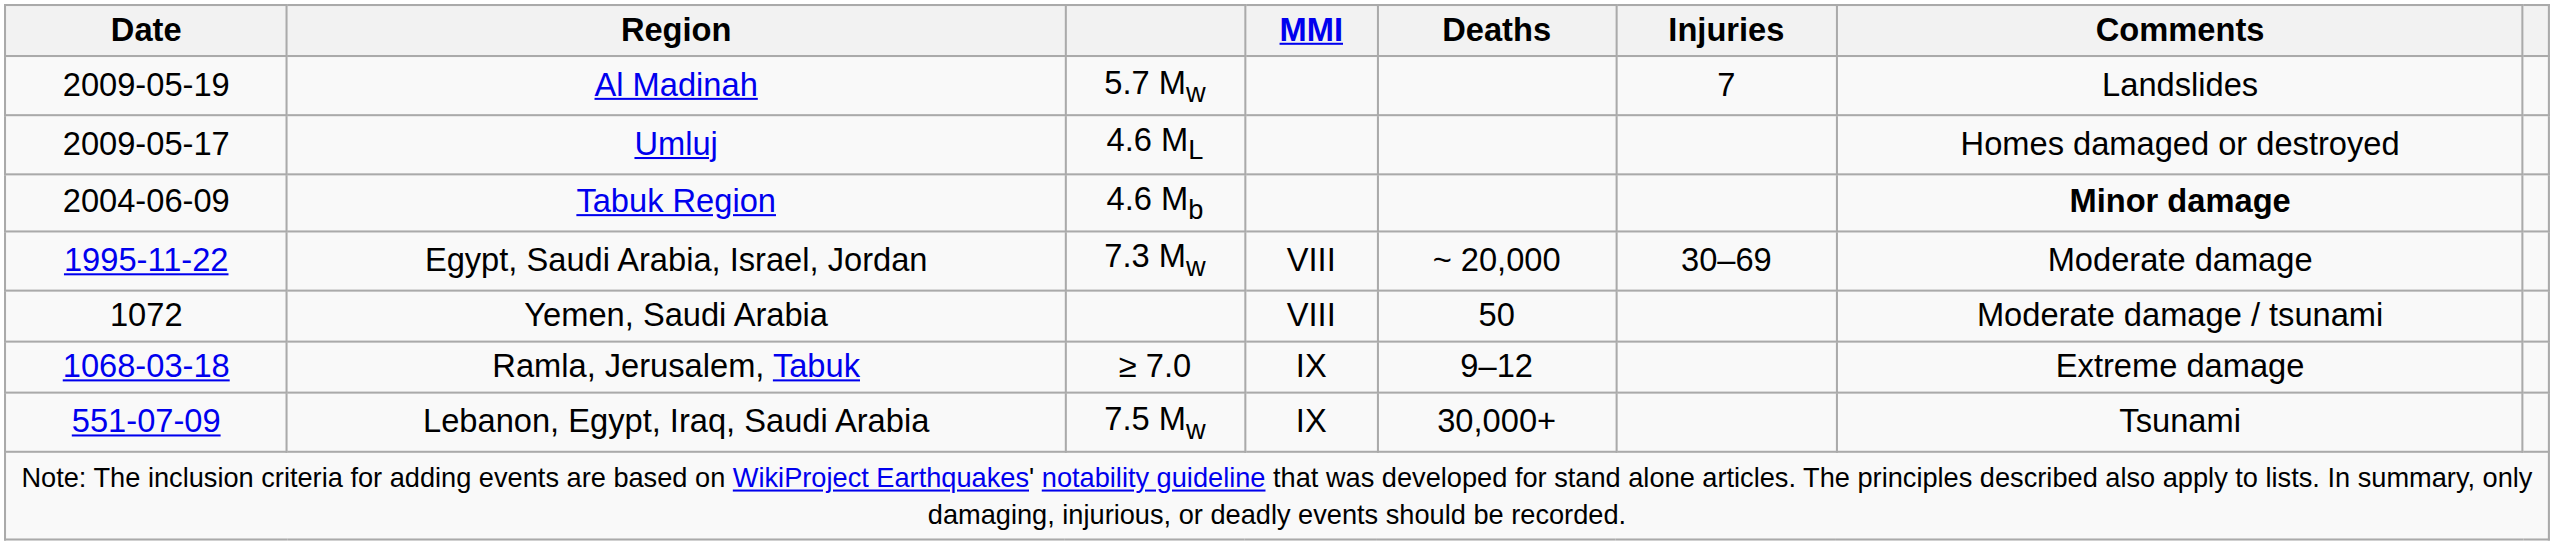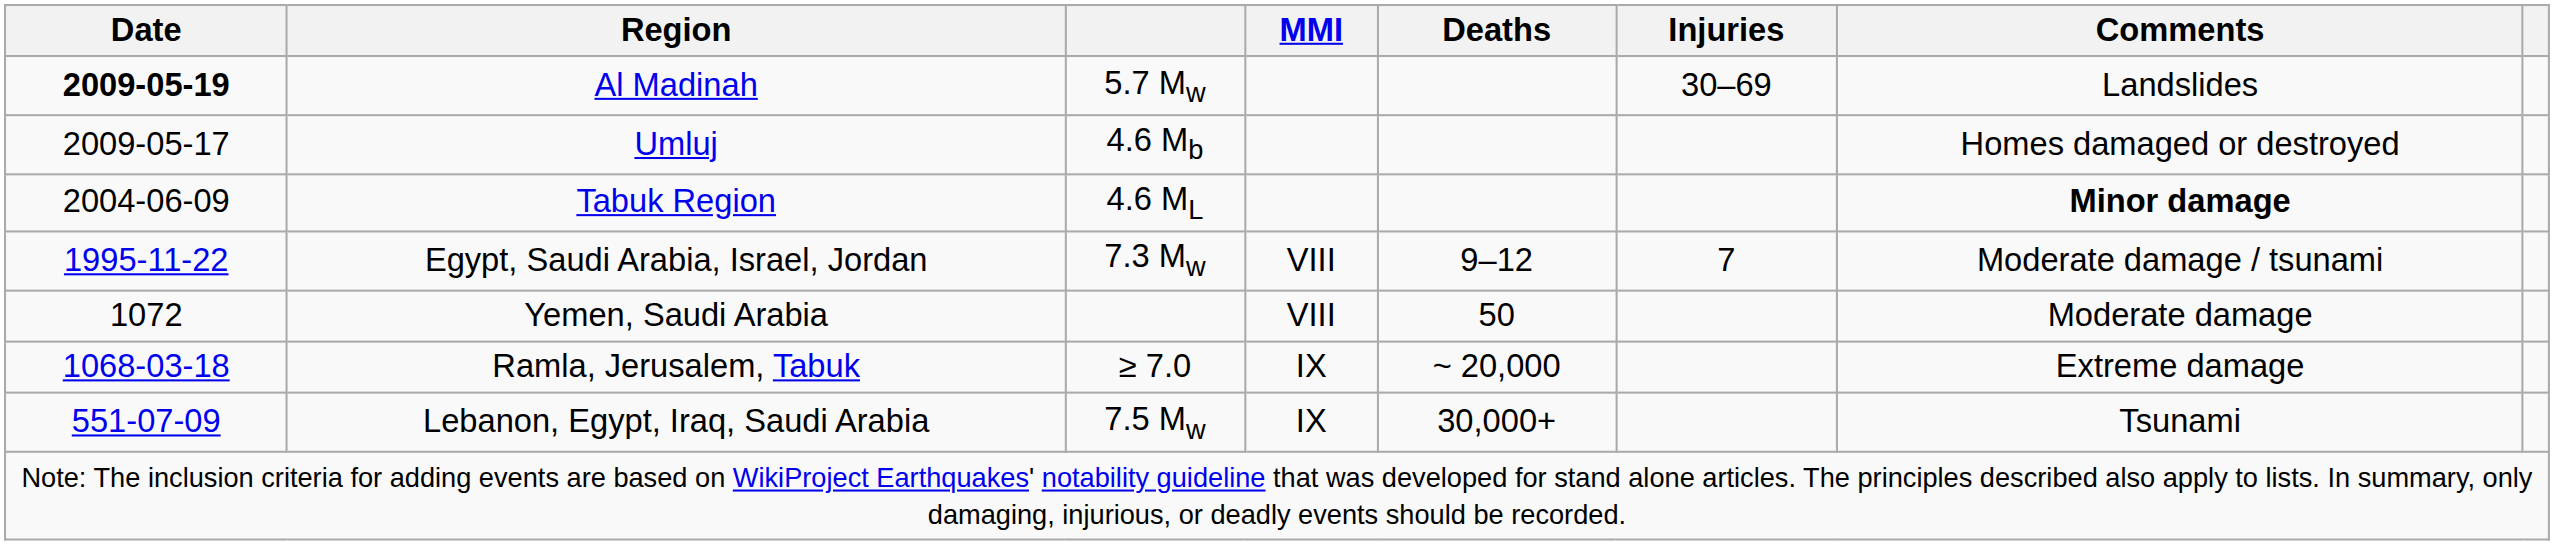 <table class="wikitable sortable" style="text-align: center;">
 <tr>
 <th>Date</th>
 <th>Region</th>
 <th></th>
 <th><a href='#'>MMI</a></th>
 <th>Deaths</th>
 <th>Injuries</th>
 <th>Comments</th>
 <th></th>
 </tr>
 <tr>
-<td>2009-05-19</td>
+<td><strong>2009-05-19</strong></td>
 <td><a href='#'>Al Madinah</a></td>
 <td>5.7 M<sub>w</sub></td>
 <td></td>
 <td></td>
-<td>7</td>
+<td>30–69</td>
 <td>Landslides</td>
 <td></td>
 </tr>
 <tr>
 <td>2009-05-17</td>
 <td><a href='#'>Umluj</a></td>
-<td>4.6 M<sub>L</sub></td>
+<td>4.6 M<sub>b</sub></td>
 <td></td>
 <td></td>
 <td></td>
 <td>Homes damaged or destroyed</td>
 <td></td>
 </tr>
 <tr>
 <td>2004-06-09</td>
 <td><a href='#'>Tabuk Region</a></td>
-<td>4.6 M<sub>b</sub></td>
+<td>4.6 M<sub>L</sub></td>
 <td></td>
 <td></td>
 <td></td>
 <td><strong>Minor damage</strong></td>
 <td></td>
 </tr>
 <tr>
 <td><a href='#'>1995-11-22</a></td>
 <td>Egypt, Saudi Arabia, Israel, Jordan</td>
 <td>7.3 M<sub>w</sub></td>
 <td>VIII</td>
-<td>~ 20,000</td>
-<td>30–69</td>
-<td>Moderate damage</td>
+<td>9–12</td>
+<td>7</td>
+<td>Moderate damage / tsunami</td>
 <td></td>
 </tr>
 <tr>
 <td>1072</td>
 <td>Yemen, Saudi Arabia</td>
 <td></td>
 <td>VIII</td>
 <td>50</td>
 <td></td>
-<td>Moderate damage / tsunami</td>
+<td>Moderate damage</td>
 <td></td>
 </tr>
 <tr>
 <td><a href='#'>1068-03-18</a></td>
 <td>Ramla, Jerusalem, <a href='#'>Tabuk</a></td>
 <td>≥ 7.0</td>
 <td>IX</td>
-<td>9–12</td>
+<td>~ 20,000</td>
 <td></td>
 <td>Extreme damage</td>
 <td></td>
 </tr>
 <tr>
 <td><a href='#'>551-07-09</a></td>
 <td>Lebanon, Egypt, Iraq, Saudi Arabia</td>
 <td>7.5 M<sub>w</sub></td>
 <td>IX</td>
 <td>30,000+</td>
 <td></td>
 <td>Tsunami</td>
 <td></td>
 </tr>
 <tr class="sortbottom">
 <td colspan="9" style="text-align: center;"><small>Note: The inclusion criteria for adding events are based on <a href='#'>WikiProject Earthquakes</a>' <a href='#'>notability guideline</a> that was developed for stand alone articles. The principles described also apply to lists. In summary, only damaging, injurious, or deadly events should be recorded.</small></td>
 </tr>
 </table>
